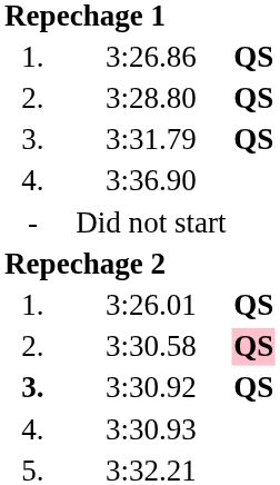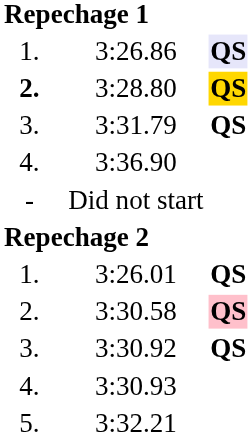 <table style="text-align:center">
 <tr>
 <td colspan=4 align=left><strong>Repechage 1</strong></td>
 </tr>
 <tr>
 <td width=30>1.</td>
 <td align=left></td>
 <td width=80>3:26.86</td>
-<td><strong>QS</strong></td>
+<td style="background: lavender;"><strong>QS</strong></td>
 </tr>
 <tr>
-<td>2.</td>
+<td><strong>2.</strong></td>
 <td align=left></td>
 <td>3:28.80</td>
-<td><strong>QS</strong></td>
+<td style="background: gold;"><strong>QS</strong></td>
 </tr>
 <tr>
 <td>3.</td>
 <td align=left></td>
 <td>3:31.79</td>
 <td><strong>QS</strong></td>
 </tr>
 <tr>
 <td>4.</td>
 <td align=left></td>
 <td>3:36.90</td>
 <td></td>
 </tr>
 <tr>
 <td>-</td>
 <td align=left></td>
 <td>Did not start</td>
 <td></td>
 </tr>
 <tr>
 <td colspan=4 align=left><strong>Repechage 2</strong></td>
 </tr>
 <tr>
 <td>1.</td>
 <td align=left></td>
 <td>3:26.01</td>
 <td><strong>QS</strong></td>
 </tr>
 <tr>
 <td>2.</td>
 <td align=left></td>
 <td>3:30.58</td>
 <td style="background: pink;"><strong>QS</strong></td>
 </tr>
 <tr>
-<td><strong>3.</strong></td>
+<td>3.</td>
 <td align=left></td>
 <td>3:30.92</td>
 <td><strong>QS</strong></td>
 </tr>
 <tr>
 <td>4.</td>
 <td align=left></td>
 <td>3:30.93</td>
 <td></td>
 </tr>
 <tr>
 <td>5.</td>
 <td align=left></td>
 <td>3:32.21</td>
 <td></td>
 </tr>
 </table>
